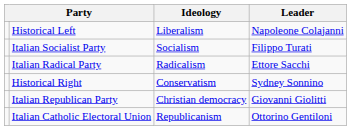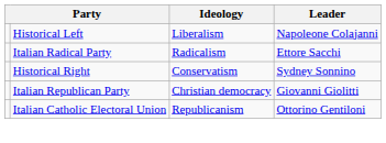 <table class=wikitable style="text-align:left">
 <tr>
 <th colspan=2>Party</th>
 <th>Ideology</th>
 <th>Leader</th>
 </tr>
 <tr>
 <td></td>
 <td><a href='#'>Historical Left</a></td>
 <td><a href='#'>Liberalism</a></td>
 <td><a href='#'>Napoleone Colajanni</a></td>
-</tr>
-<tr>
-<td></td>
-<td><a href='#'>Italian Socialist Party</a></td>
-<td><a href='#'>Socialism</a></td>
-<td><a href='#'>Filippo Turati</a></td>
 </tr>
 <tr>
 <td></td>
 <td><a href='#'>Italian Radical Party</a></td>
 <td><a href='#'>Radicalism</a></td>
 <td><a href='#'>Ettore Sacchi</a></td>
 </tr>
 <tr>
 <td></td>
 <td><a href='#'>Historical Right</a></td>
 <td><a href='#'>Conservatism</a></td>
 <td><a href='#'>Sydney Sonnino</a></td>
 </tr>
 <tr>
 <td></td>
 <td><a href='#'>Italian Republican Party</a></td>
 <td><a href='#'>Christian democracy</a></td>
 <td><a href='#'>Giovanni Giolitti</a></td>
 </tr>
 <tr>
 <td></td>
 <td><a href='#'>Italian Catholic Electoral Union</a></td>
 <td><a href='#'>Republicanism</a></td>
 <td><a href='#'>Ottorino Gentiloni</a></td>
 </tr>
 </table>
